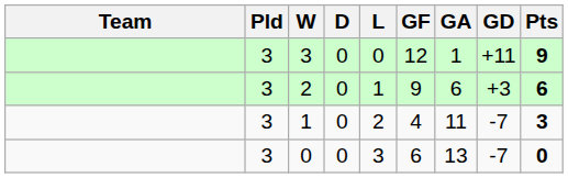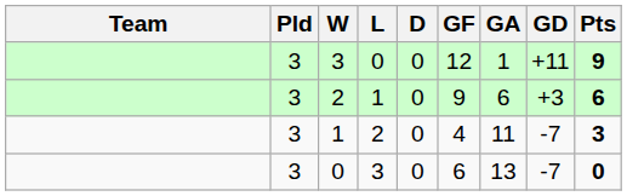 <table class="wikitable" style="text-align: center;">
 <tr>
 <th width="175">Team</th>
 <th width="20">Pld</th>
 <th width="20">W</th>
+<th width="20">L</th>
 <th width="20">D</th>
-<th width="20">L</th>
 <th width="20">GF</th>
 <th width="20">GA</th>
 <th width="20">GD</th>
 <th width="20">Pts</th>
 </tr>
 <tr bgcolor="#ccffcc">
 <td style="text-align:left;"></td>
 <td>3</td>
 <td>3</td>
 <td>0</td>
 <td>0</td>
 <td>12</td>
 <td>1</td>
 <td>+11</td>
 <td><strong>9</strong></td>
 </tr>
 <tr bgcolor="#ccffcc">
 <td style="text-align:left;"><em></em></td>
 <td>3</td>
 <td>2</td>
+<td>1</td>
 <td>0</td>
-<td>1</td>
 <td>9</td>
 <td>6</td>
 <td>+3</td>
 <td><strong>6</strong></td>
 </tr>
 <tr align=center>
 <td style="text-align:left;"></td>
 <td>3</td>
 <td>1</td>
+<td>2</td>
 <td>0</td>
-<td>2</td>
 <td>4</td>
 <td>11</td>
 <td>-7</td>
 <td><strong>3</strong></td>
 </tr>
 <tr align=center>
 <td style="text-align:left;"></td>
 <td>3</td>
 <td>0</td>
+<td>3</td>
 <td>0</td>
-<td>3</td>
 <td>6</td>
 <td>13</td>
 <td>-7</td>
 <td><strong>0</strong></td>
 </tr>
 </table>
